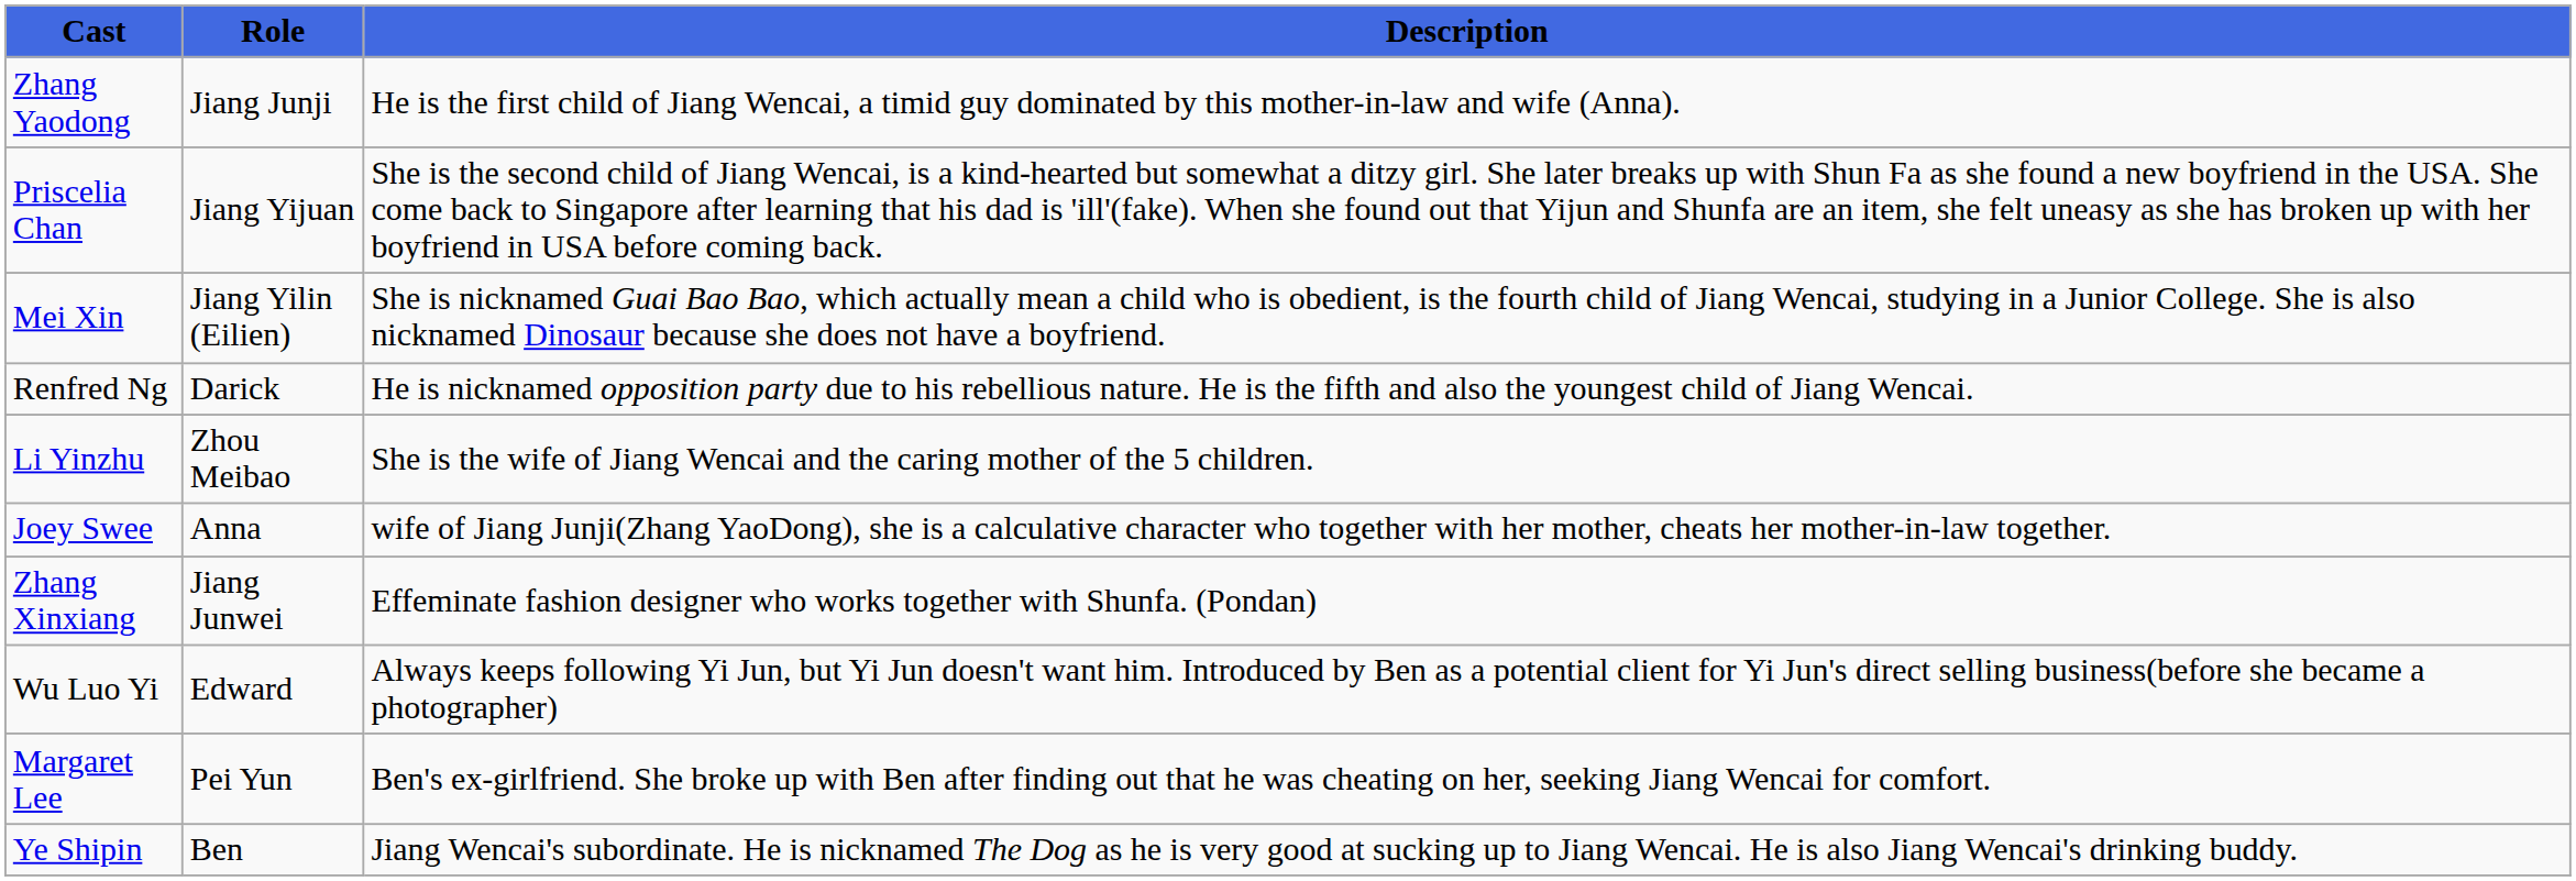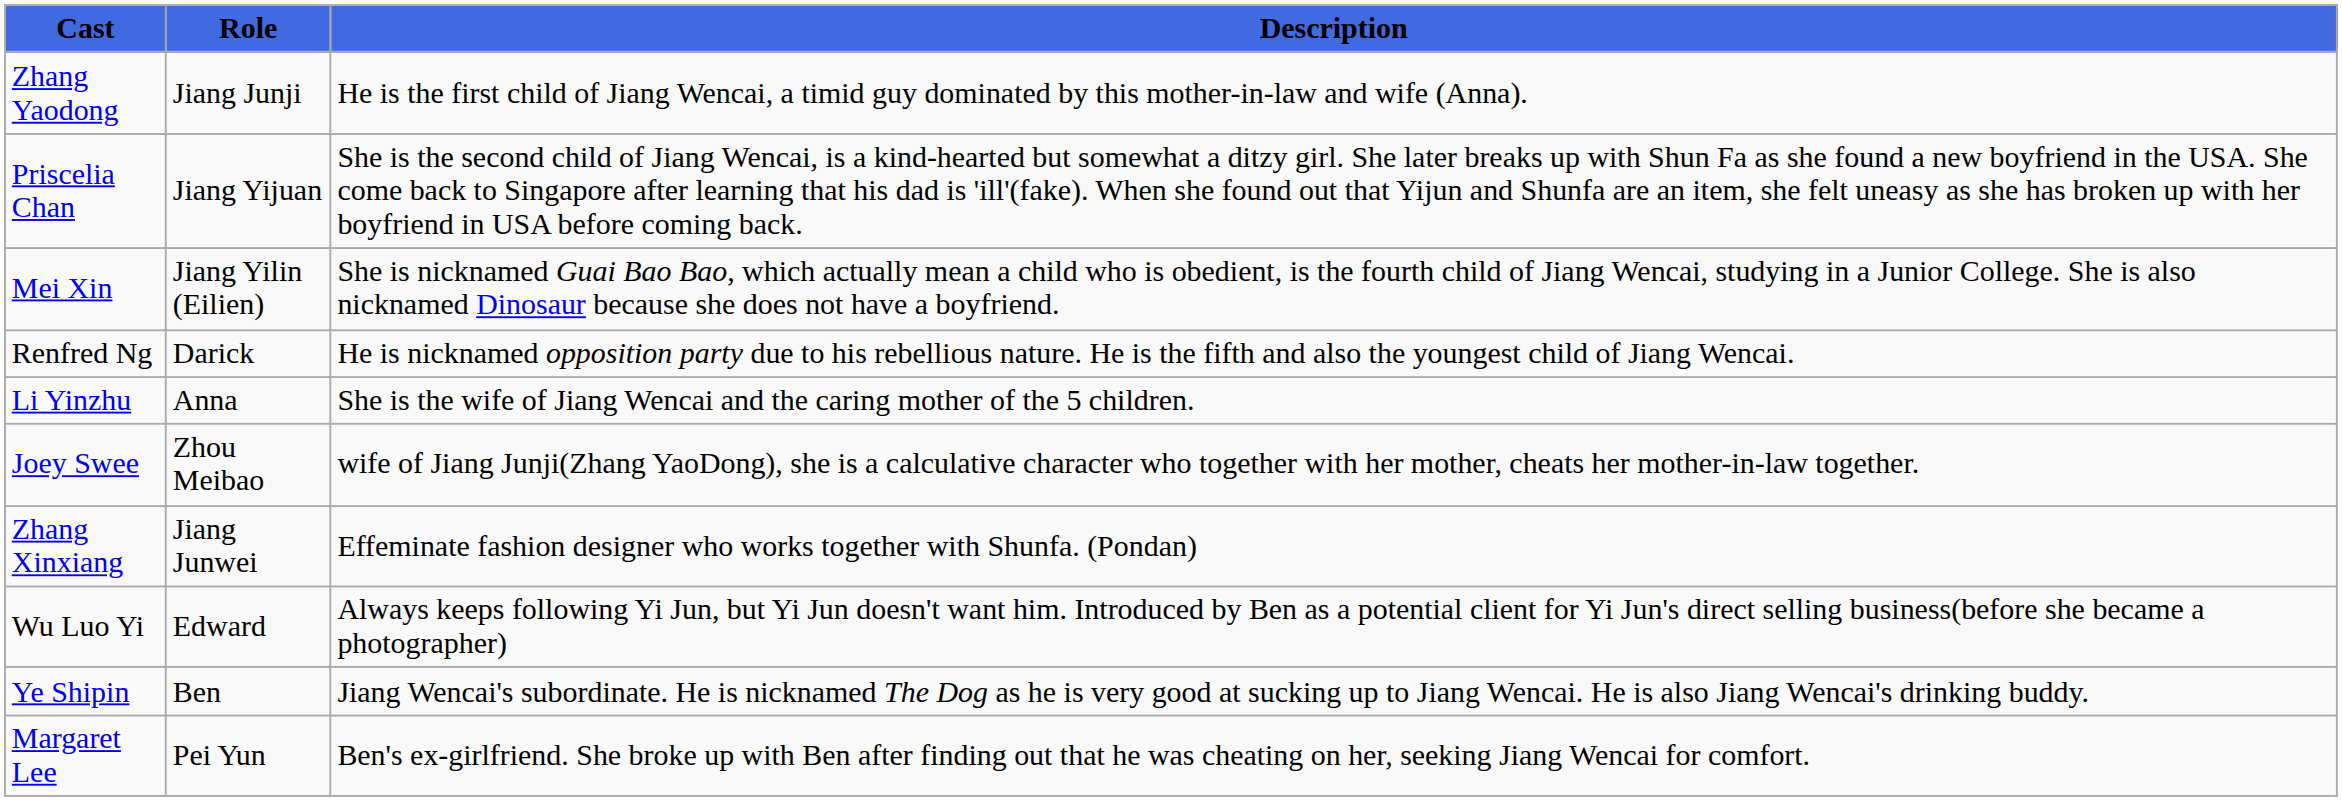 <table class="wikitable">
 <tr>
 <th style="background:RoyalBlue;">Cast</th>
 <th style="background:RoyalBlue;">Role</th>
 <th style="background:RoyalBlue;">Description</th>
 </tr>
 <tr>
 <td><a href='#'>Zhang Yaodong</a></td>
 <td>Jiang Junji</td>
 <td>He is the first child of Jiang Wencai, a timid guy dominated by this mother-in-law and wife (Anna).</td>
 </tr>
 <tr>
 <td><a href='#'>Priscelia Chan</a></td>
 <td>Jiang Yijuan</td>
 <td>She is the second child of Jiang Wencai, is a kind-hearted but somewhat a ditzy girl. She later breaks up with Shun Fa as she found a new boyfriend in the USA. She come back to Singapore after learning that his dad is 'ill'(fake). When she found out that Yijun and Shunfa are an item, she felt uneasy as she has broken up with her boyfriend in USA before coming back.</td>
 </tr>
 <tr>
 <td><a href='#'>Mei Xin</a></td>
 <td>Jiang Yilin (Eilien)</td>
 <td>She is nicknamed <em>Guai Bao Bao</em>, which actually mean a child who is obedient, is the fourth child of Jiang Wencai, studying in a Junior College. She is also nicknamed <a href='#'>Dinosaur</a> because she does not have a boyfriend.</td>
 </tr>
 <tr>
 <td>Renfred Ng</td>
 <td>Darick</td>
 <td>He is nicknamed <em>opposition party</em> due to his rebellious nature. He is the fifth and also the youngest child of Jiang Wencai.</td>
 </tr>
 <tr>
 <td><a href='#'>Li Yinzhu</a></td>
-<td>Zhou Meibao</td>
+<td>Anna</td>
 <td>She is the wife of Jiang Wencai and the caring mother of the 5 children.</td>
 </tr>
 <tr>
 <td><a href='#'>Joey Swee</a></td>
-<td>Anna</td>
+<td>Zhou Meibao</td>
 <td>wife of Jiang Junji(Zhang YaoDong), she is a calculative character who together with her mother, cheats her mother-in-law together.</td>
 </tr>
 <tr>
 <td><a href='#'>Zhang Xinxiang</a></td>
 <td>Jiang Junwei</td>
 <td>Effeminate fashion designer who works together with Shunfa. (Pondan)</td>
 </tr>
 <tr>
 <td>Wu Luo Yi</td>
 <td>Edward</td>
 <td>Always keeps following Yi Jun, but Yi Jun doesn't want him. Introduced by Ben as a potential client for Yi Jun's direct selling business(before she became a photographer)</td>
 </tr>
 <tr>
+<td><a href='#'>Ye Shipin</a></td>
+<td>Ben</td>
+<td>Jiang Wencai's subordinate. He is nicknamed <em>The Dog</em> as he is very good at sucking up to Jiang Wencai. He is also Jiang Wencai's drinking buddy.</td>
+</tr>
+<tr>
 <td><a href='#'>Margaret Lee</a></td>
 <td>Pei Yun</td>
 <td>Ben's ex-girlfriend. She broke up with Ben after finding out that he was cheating on her, seeking Jiang Wencai for comfort.</td>
 </tr>
-<tr>
-<td><a href='#'>Ye Shipin</a></td>
-<td>Ben</td>
-<td>Jiang Wencai's subordinate. He is nicknamed <em>The Dog</em> as he is very good at sucking up to Jiang Wencai. He is also Jiang Wencai's drinking buddy.</td>
-</tr>
 </table>
